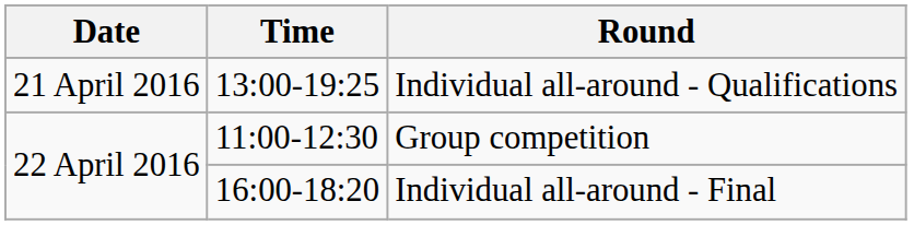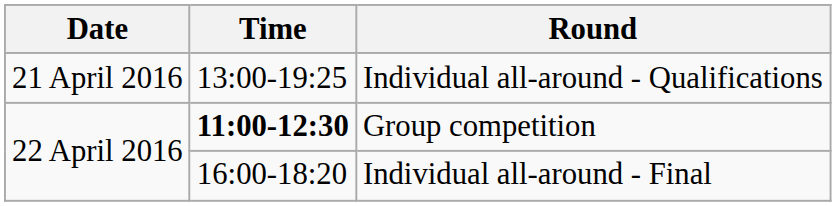 <table class="wikitable">
 <tr>
 <th>Date</th>
 <th>Time</th>
 <th>Round</th>
 </tr>
 <tr>
 <td>21 April 2016</td>
 <td>13:00-19:25</td>
 <td>Individual all-around - Qualifications</td>
 </tr>
 <tr>
 <td rowspan=2>22 April 2016</td>
-<td>11:00-12:30</td>
+<td><strong>11:00-12:30</strong></td>
 <td>Group competition</td>
 </tr>
 <tr>
 <td>16:00-18:20</td>
 <td>Individual all-around - Final</td>
 </tr>
 </table>
